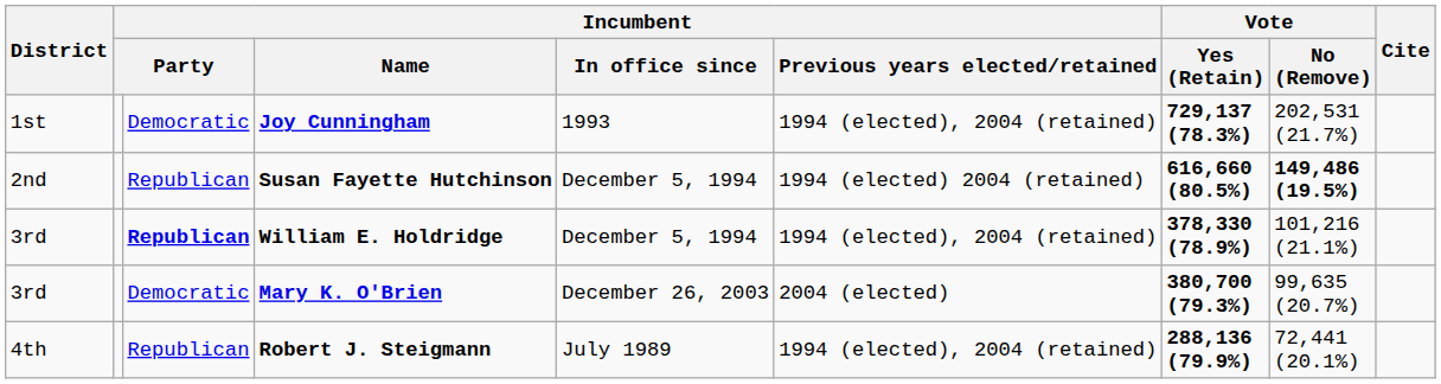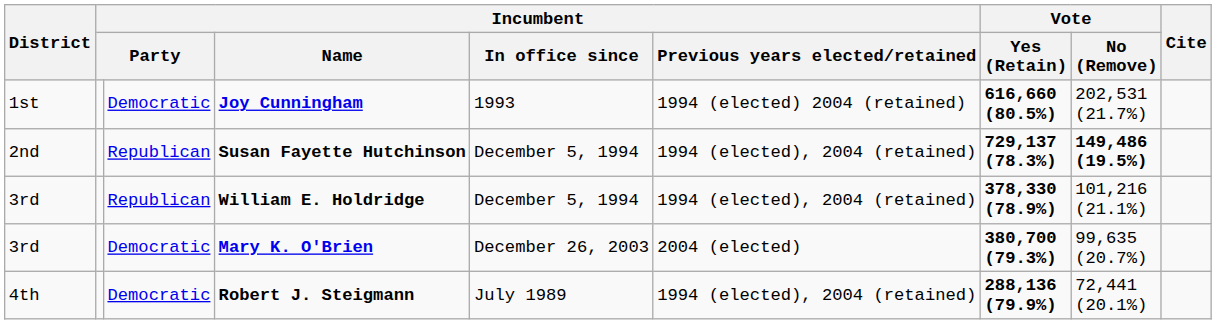 <table class="wikitable">
 <tr>
 <th rowspan =2>District</th>
 <th colspan=5>Incumbent</th>
 <th colspan="2">Vote</th>
 <th rowspan =2>Cite</th>
 </tr>
 <tr>
 <th colspan="2">Party</th>
 <th>Name</th>
 <th>In office since</th>
 <th>Previous years elected/retained</th>
 <th>Yes<br>(Retain)</th>
 <th>No<br>(Remove)</th>
 </tr>
 <tr>
 <td>1st</td>
 <td style="background-color:"></td>
 <td><a href='#'>Democratic</a></td>
 <td><strong><a href='#'>Joy Cunningham</a></strong></td>
 <td>1993</td>
-<td>1994 (elected), 2004 (retained)</td>
-<td><strong>729,137<br>(78.3%)</strong></td>
+<td>1994 (elected) 2004 (retained)</td>
+<td><strong>616,660<br>(80.5%)</strong></td>
 <td>202,531<br>(21.7%)</td>
 <td></td>
 </tr>
 <tr>
 <td>2nd</td>
 <td style="background-color:"></td>
 <td><a href='#'>Republican</a></td>
 <td><strong>Susan Fayette Hutchinson</strong></td>
 <td>December 5, 1994</td>
-<td>1994 (elected) 2004 (retained)</td>
-<td><strong>616,660<br>(80.5%)</strong></td>
+<td>1994 (elected), 2004 (retained)</td>
+<td><strong>729,137<br>(78.3%)</strong></td>
 <td><strong>149,486<br>(19.5%)</strong></td>
 <td></td>
 </tr>
 <tr>
 <td>3rd</td>
 <td style="background-color:"></td>
-<td><strong><a href='#'>Republican</a></strong></td>
+<td><a href='#'>Republican</a></td>
 <td><strong>William E. Holdridge</strong></td>
 <td>December 5, 1994</td>
 <td>1994 (elected), 2004 (retained)</td>
 <td><strong>378,330<br>(78.9%)</strong></td>
 <td>101,216<br>(21.1%)</td>
 <td></td>
 </tr>
 <tr>
 <td>3rd</td>
 <td style="background-color:"></td>
 <td><a href='#'>Democratic</a></td>
 <td><strong><a href='#'>Mary K. O'Brien</a></strong></td>
 <td>December 26, 2003</td>
 <td>2004 (elected)</td>
 <td><strong>380,700<br>(79.3%)</strong></td>
 <td>99,635<br>(20.7%)</td>
 <td></td>
 </tr>
 <tr>
 <td>4th</td>
 <td style="background-color:"></td>
-<td><a href='#'>Republican</a></td>
+<td><a href='#'>Democratic</a></td>
 <td><strong>Robert J. Steigmann</strong></td>
 <td>July 1989</td>
 <td>1994 (elected), 2004 (retained)</td>
 <td><strong>288,136<br>(79.9%)</strong></td>
 <td>72,441<br>(20.1%)</td>
 <td></td>
 </tr>
 </table>
